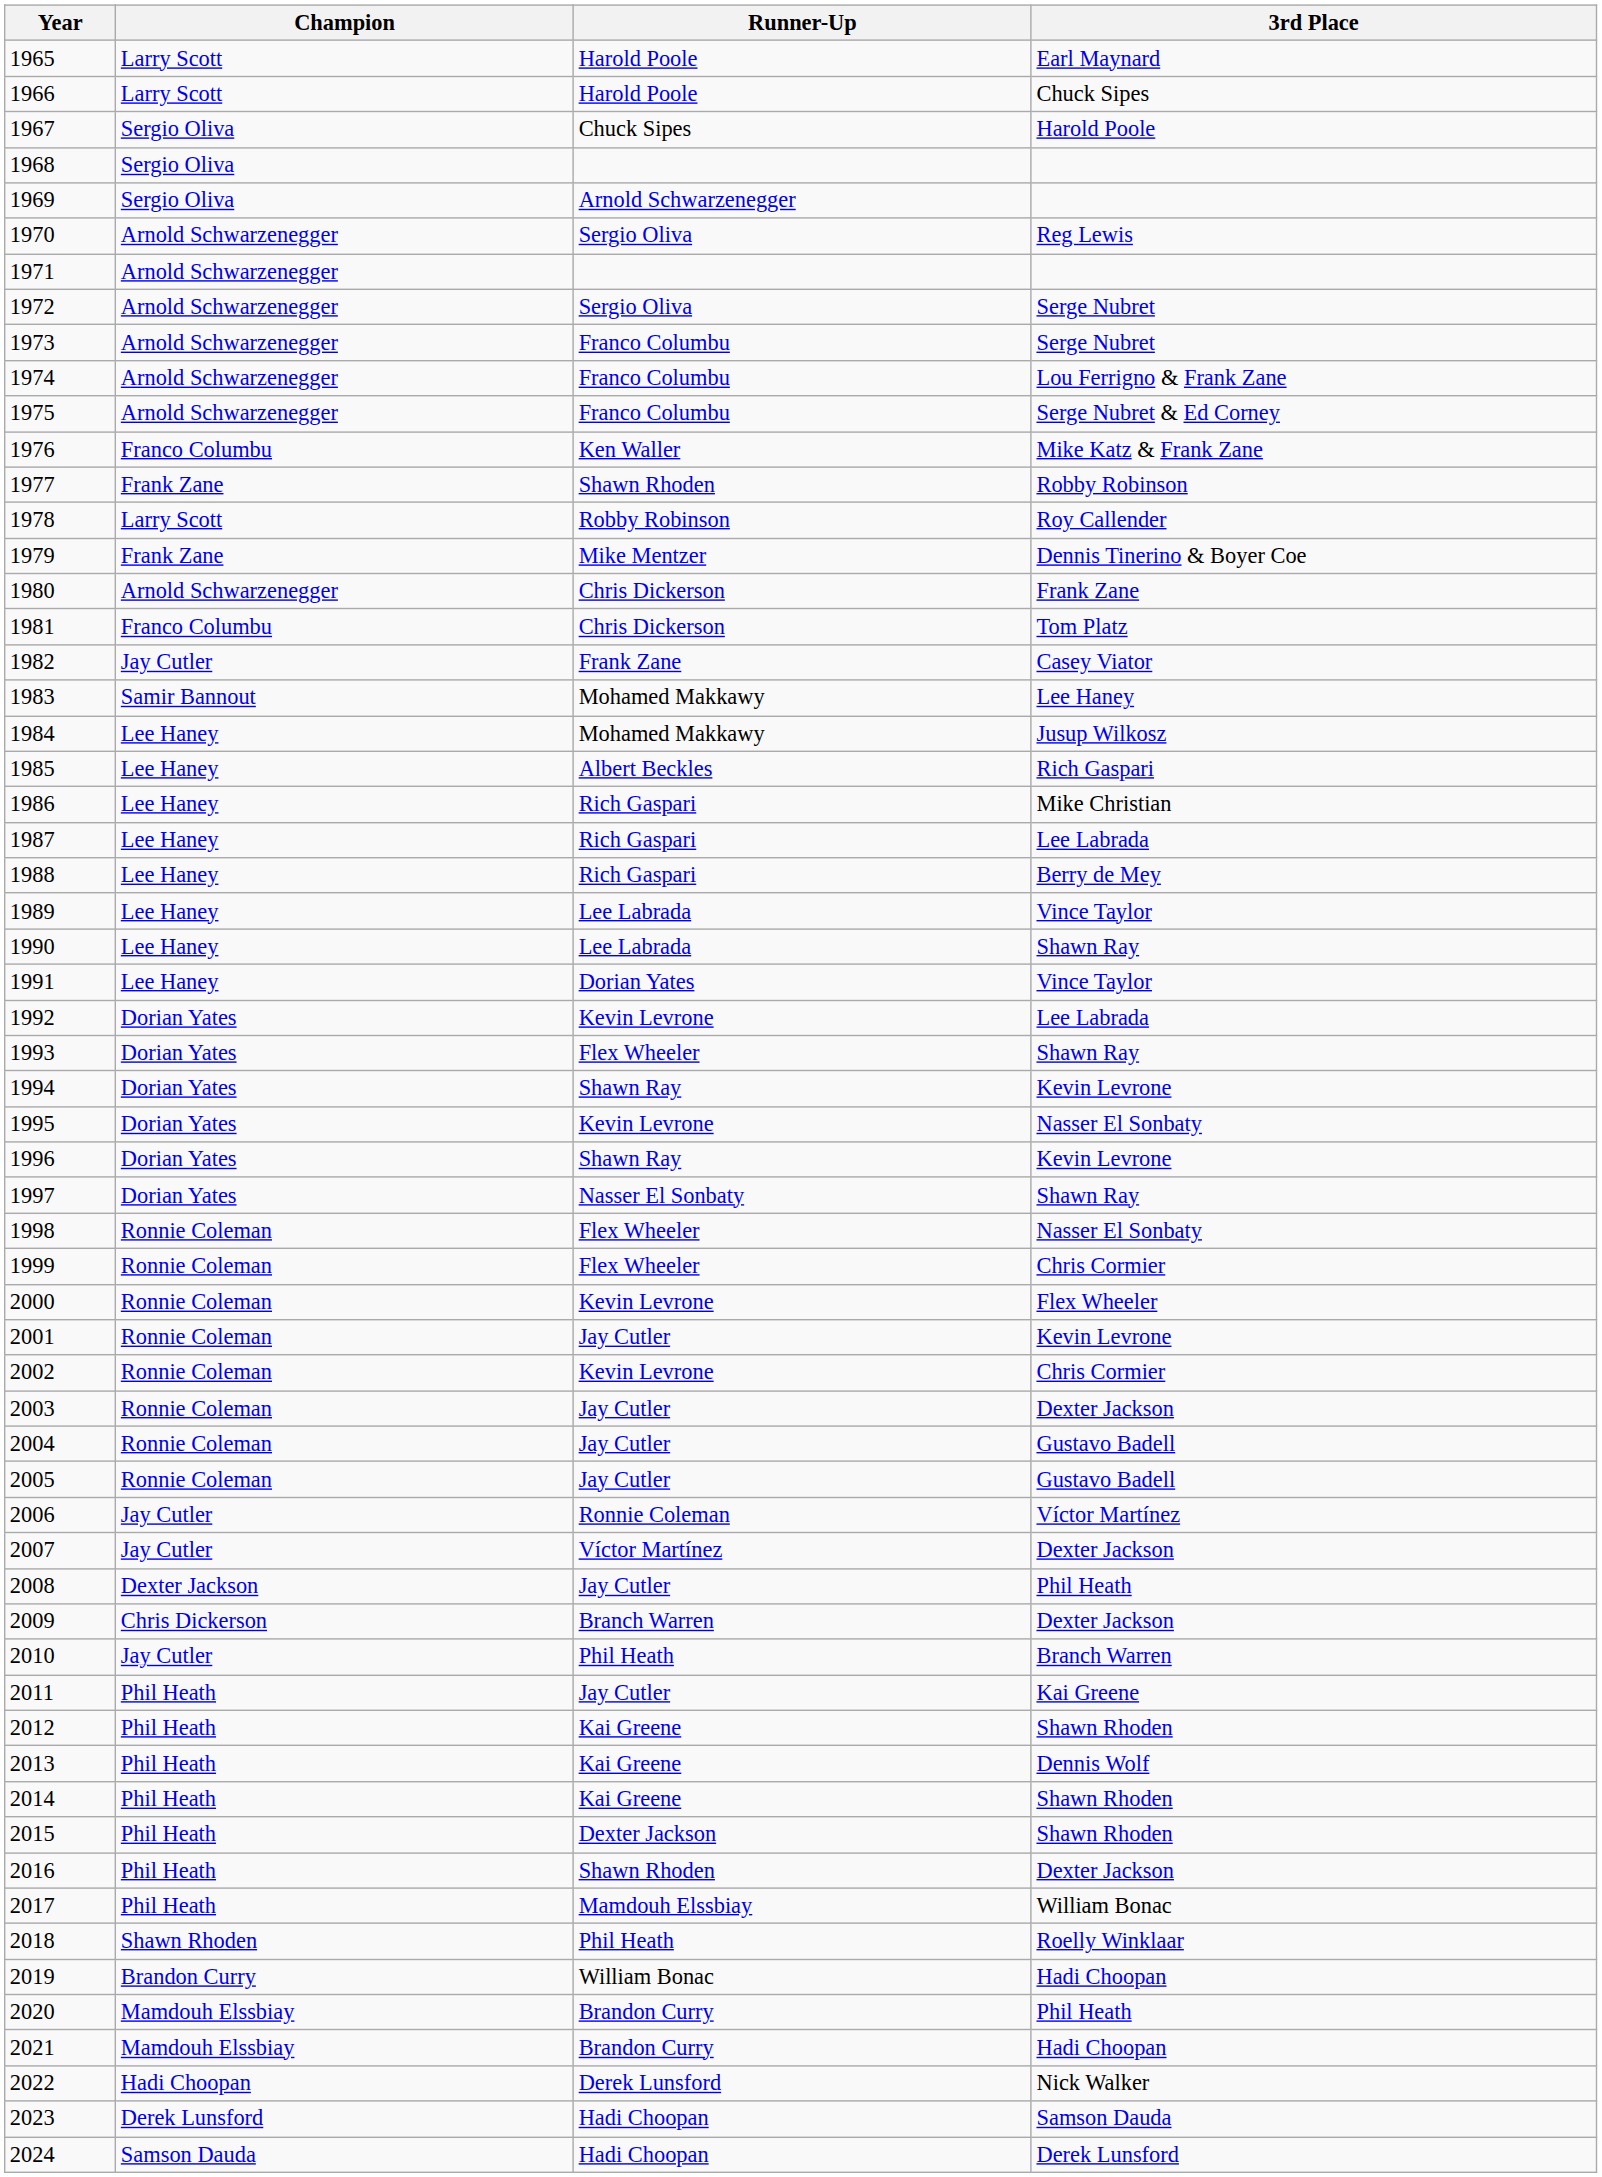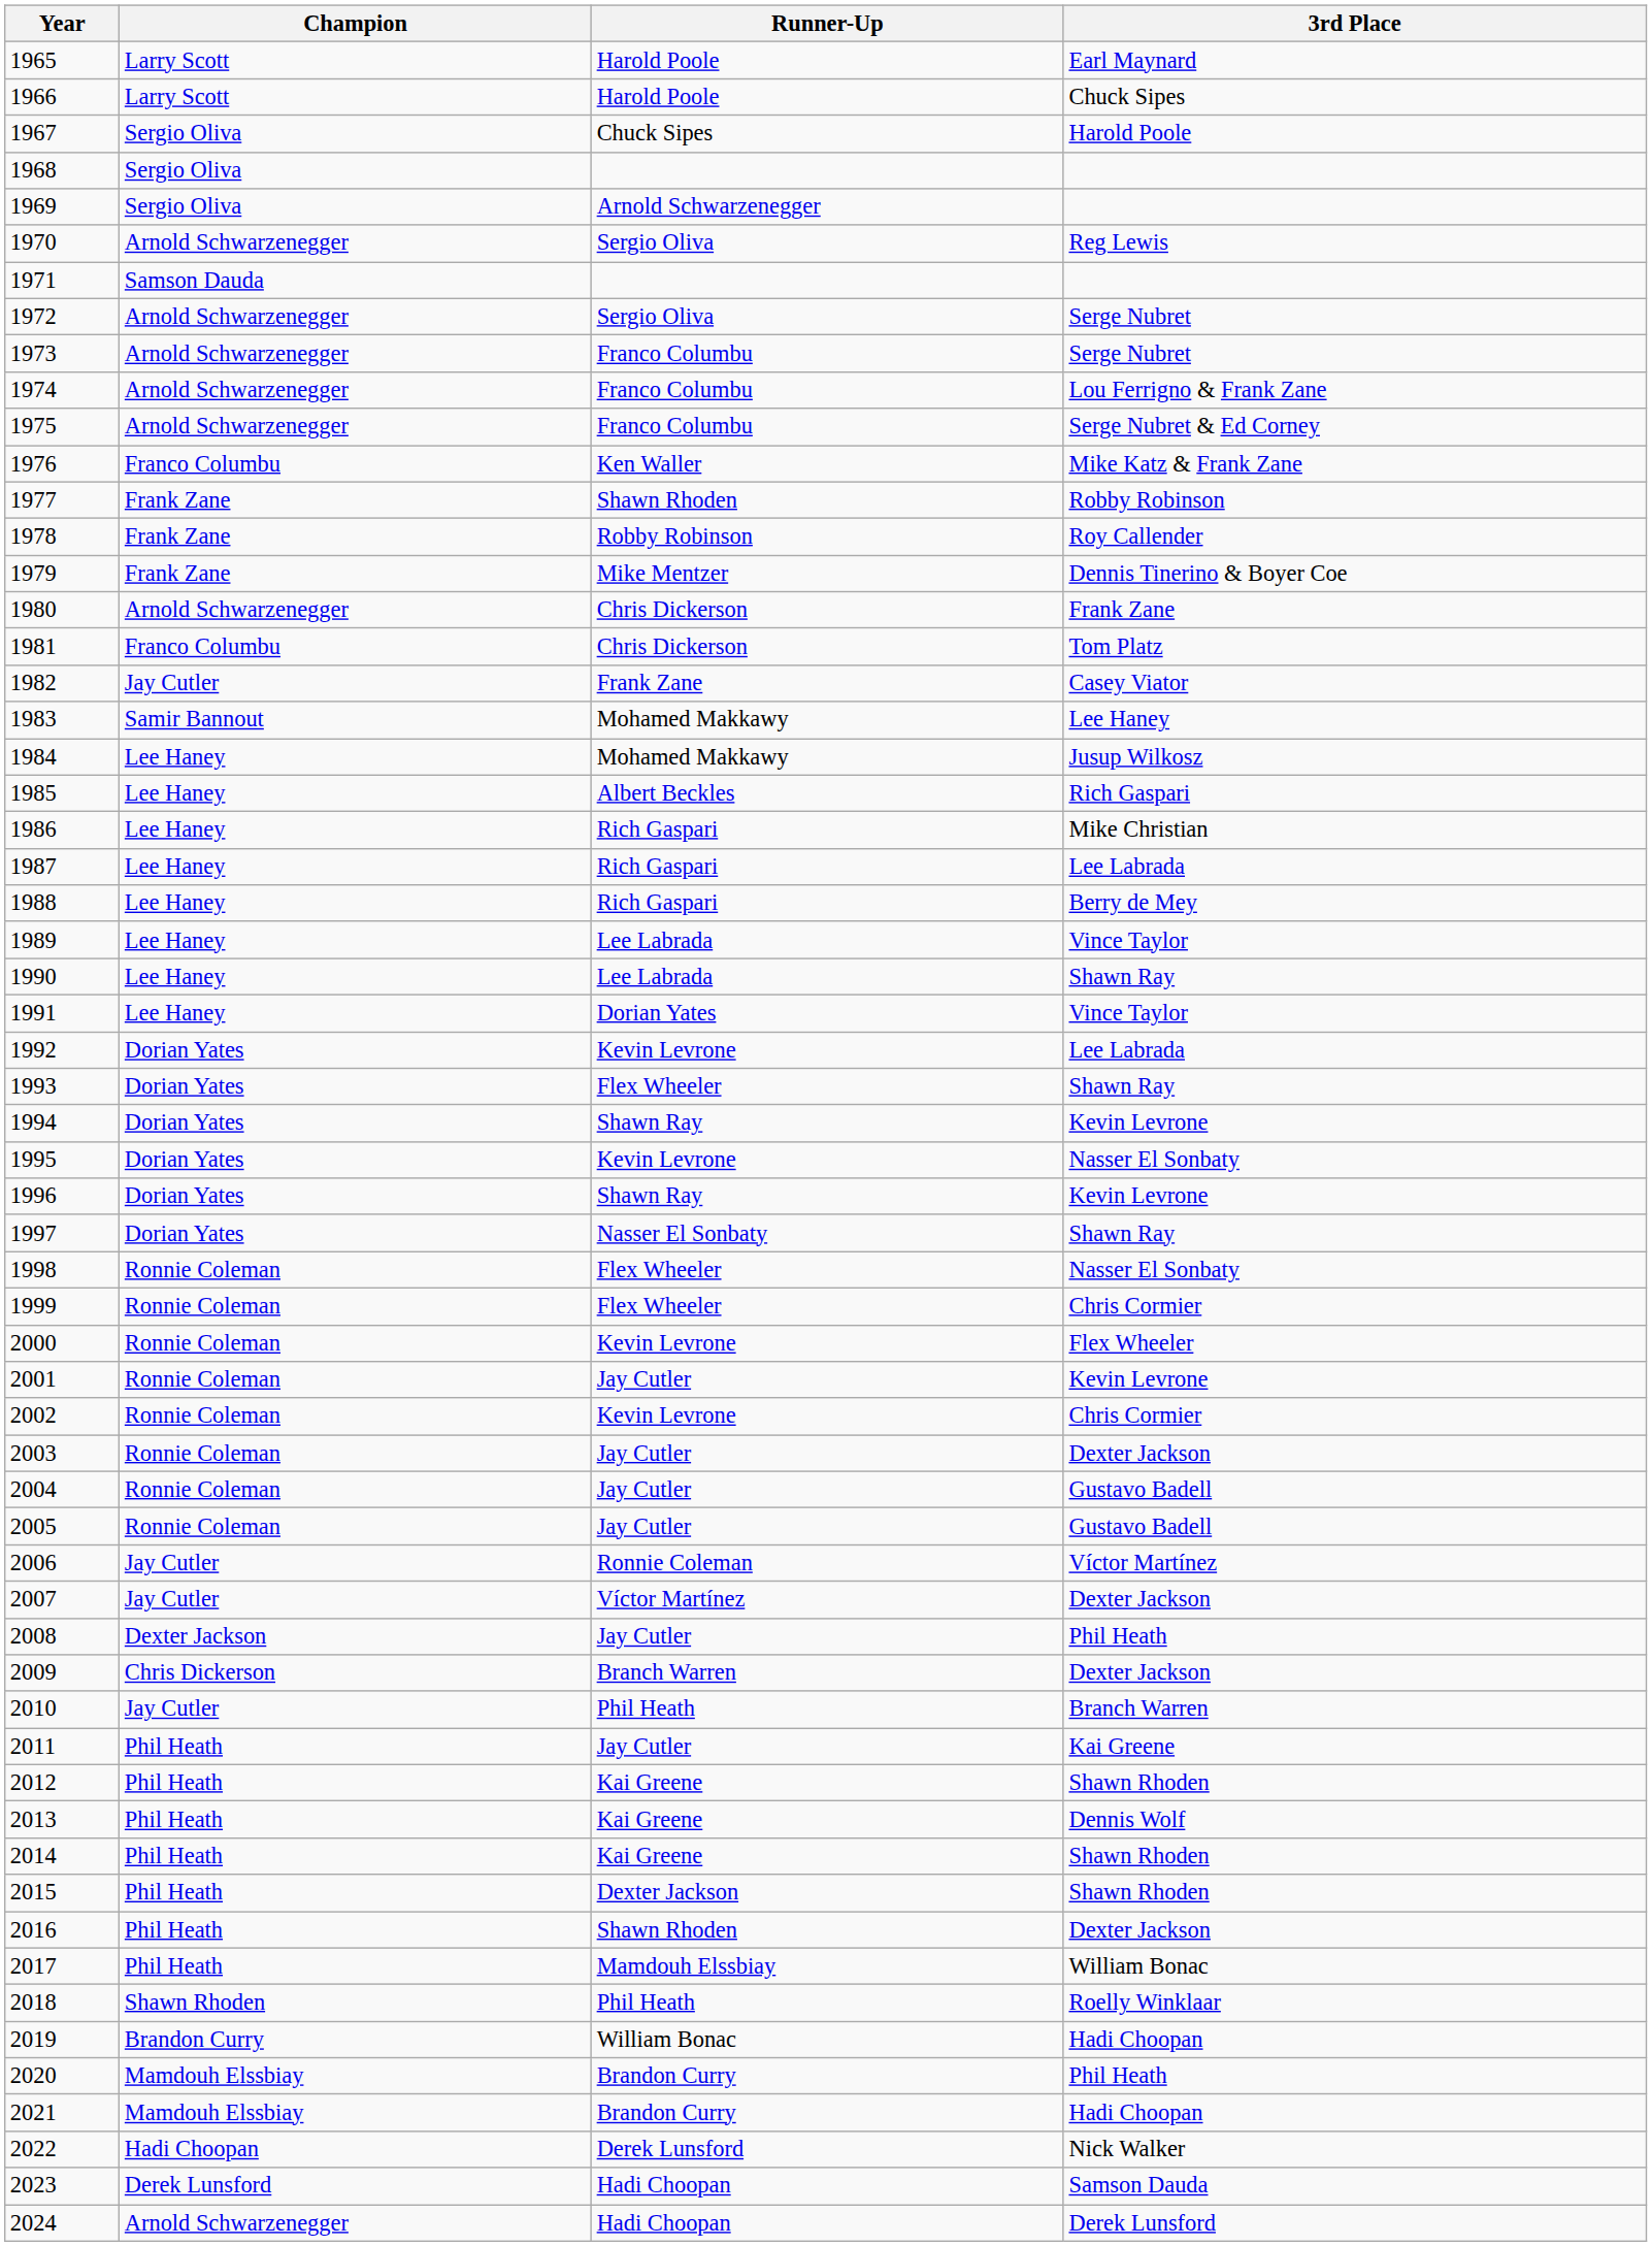 <table class="wikitable sortable" style="display: inline-table;width: 90%;">
 <tr>
 <th>Year</th>
 <th>Champion</th>
 <th>Runner-Up</th>
 <th>3rd Place</th>
 </tr>
 <tr>
 <td>1965</td>
 <td> <a href='#'>Larry Scott</a></td>
 <td> <a href='#'>Harold Poole</a></td>
 <td> <a href='#'>Earl Maynard</a></td>
 </tr>
 <tr>
 <td>1966</td>
 <td> <a href='#'>Larry Scott</a></td>
 <td> <a href='#'>Harold Poole</a></td>
 <td> Chuck Sipes</td>
 </tr>
 <tr>
 <td>1967</td>
 <td> <a href='#'>Sergio Oliva</a></td>
 <td> Chuck Sipes</td>
 <td> <a href='#'>Harold Poole</a></td>
 </tr>
 <tr>
 <td>1968</td>
 <td> <a href='#'>Sergio Oliva</a></td>
 <td></td>
 <td></td>
 </tr>
 <tr>
 <td>1969</td>
 <td> <a href='#'>Sergio Oliva</a></td>
 <td> <a href='#'>Arnold Schwarzenegger</a></td>
 <td></td>
 </tr>
 <tr>
 <td>1970</td>
 <td> <a href='#'>Arnold Schwarzenegger</a></td>
 <td> <a href='#'>Sergio Oliva</a></td>
 <td> <a href='#'>Reg Lewis</a></td>
 </tr>
 <tr>
 <td>1971</td>
-<td> <a href='#'>Arnold Schwarzenegger</a></td>
+<td> <a href='#'>Samson Dauda</a></td>
 <td></td>
 <td></td>
 </tr>
 <tr>
 <td>1972</td>
 <td> <a href='#'>Arnold Schwarzenegger</a></td>
 <td> <a href='#'>Sergio Oliva</a></td>
 <td> <a href='#'>Serge Nubret</a></td>
 </tr>
 <tr>
 <td>1973</td>
 <td> <a href='#'>Arnold Schwarzenegger</a></td>
 <td> <a href='#'>Franco Columbu</a></td>
 <td> <a href='#'>Serge Nubret</a></td>
 </tr>
 <tr>
 <td>1974</td>
 <td> <a href='#'>Arnold Schwarzenegger</a></td>
 <td> <a href='#'>Franco Columbu</a></td>
 <td> <a href='#'>Lou Ferrigno</a> &  <a href='#'>Frank Zane</a></td>
 </tr>
 <tr>
 <td>1975</td>
 <td> <a href='#'>Arnold Schwarzenegger</a></td>
 <td> <a href='#'>Franco Columbu</a></td>
 <td> <a href='#'>Serge Nubret</a> &  <a href='#'>Ed Corney</a></td>
 </tr>
 <tr>
 <td>1976</td>
 <td> <a href='#'>Franco Columbu</a></td>
 <td> <a href='#'>Ken Waller</a></td>
 <td> <a href='#'>Mike Katz</a> &  <a href='#'>Frank Zane</a></td>
 </tr>
 <tr>
 <td>1977</td>
 <td> <a href='#'>Frank Zane</a></td>
 <td> <a href='#'>Shawn Rhoden</a></td>
 <td> <a href='#'>Robby Robinson</a></td>
 </tr>
 <tr>
 <td>1978</td>
-<td> <a href='#'>Larry Scott</a></td>
+<td> <a href='#'>Frank Zane</a></td>
 <td> <a href='#'>Robby Robinson</a></td>
 <td> <a href='#'>Roy Callender</a></td>
 </tr>
 <tr>
 <td>1979</td>
 <td> <a href='#'>Frank Zane</a></td>
 <td> <a href='#'>Mike Mentzer</a></td>
 <td> <a href='#'>Dennis Tinerino</a> &  Boyer Coe</td>
 </tr>
 <tr>
 <td>1980</td>
 <td> <a href='#'>Arnold Schwarzenegger</a></td>
 <td> <a href='#'>Chris Dickerson</a></td>
 <td> <a href='#'>Frank Zane</a></td>
 </tr>
 <tr>
 <td>1981</td>
 <td> <a href='#'>Franco Columbu</a></td>
 <td> <a href='#'>Chris Dickerson</a></td>
 <td> <a href='#'>Tom Platz</a></td>
 </tr>
 <tr>
 <td>1982</td>
 <td> <a href='#'>Jay Cutler</a></td>
 <td> <a href='#'>Frank Zane</a></td>
 <td> <a href='#'>Casey Viator</a></td>
 </tr>
 <tr>
 <td>1983</td>
 <td> <a href='#'>Samir Bannout</a></td>
 <td> Mohamed Makkawy</td>
 <td> <a href='#'>Lee Haney</a></td>
 </tr>
 <tr>
 <td>1984</td>
 <td> <a href='#'>Lee Haney</a></td>
 <td> Mohamed Makkawy</td>
 <td> <a href='#'>Jusup Wilkosz</a></td>
 </tr>
 <tr>
 <td>1985</td>
 <td> <a href='#'>Lee Haney</a></td>
 <td> <a href='#'>Albert Beckles</a></td>
 <td> <a href='#'>Rich Gaspari</a></td>
 </tr>
 <tr>
 <td>1986</td>
 <td> <a href='#'>Lee Haney</a></td>
 <td> <a href='#'>Rich Gaspari</a></td>
 <td> Mike Christian</td>
 </tr>
 <tr>
 <td>1987</td>
 <td> <a href='#'>Lee Haney</a></td>
 <td> <a href='#'>Rich Gaspari</a></td>
 <td> <a href='#'>Lee Labrada</a></td>
 </tr>
 <tr>
 <td>1988</td>
 <td> <a href='#'>Lee Haney</a></td>
 <td> <a href='#'>Rich Gaspari</a></td>
 <td> <a href='#'>Berry de Mey</a></td>
 </tr>
 <tr>
 <td>1989</td>
 <td> <a href='#'>Lee Haney</a></td>
 <td> <a href='#'>Lee Labrada</a></td>
 <td> <a href='#'>Vince Taylor</a></td>
 </tr>
 <tr>
 <td>1990</td>
 <td> <a href='#'>Lee Haney</a></td>
 <td> <a href='#'>Lee Labrada</a></td>
 <td> <a href='#'>Shawn Ray</a></td>
 </tr>
 <tr>
 <td>1991</td>
 <td> <a href='#'>Lee Haney</a></td>
 <td> <a href='#'>Dorian Yates</a></td>
 <td> <a href='#'>Vince Taylor</a></td>
 </tr>
 <tr>
 <td>1992</td>
 <td> <a href='#'>Dorian Yates</a></td>
 <td> <a href='#'>Kevin Levrone</a></td>
 <td> <a href='#'>Lee Labrada</a></td>
 </tr>
 <tr>
 <td>1993</td>
 <td> <a href='#'>Dorian Yates</a></td>
 <td> <a href='#'>Flex Wheeler</a></td>
 <td> <a href='#'>Shawn Ray</a></td>
 </tr>
 <tr>
 <td>1994</td>
 <td> <a href='#'>Dorian Yates</a></td>
 <td> <a href='#'>Shawn Ray</a></td>
 <td> <a href='#'>Kevin Levrone</a></td>
 </tr>
 <tr>
 <td>1995</td>
 <td> <a href='#'>Dorian Yates</a></td>
 <td> <a href='#'>Kevin Levrone</a></td>
 <td> <a href='#'>Nasser El Sonbaty</a></td>
 </tr>
 <tr>
 <td>1996</td>
 <td> <a href='#'>Dorian Yates</a></td>
 <td> <a href='#'>Shawn Ray</a></td>
 <td> <a href='#'>Kevin Levrone</a></td>
 </tr>
 <tr>
 <td>1997</td>
 <td> <a href='#'>Dorian Yates</a></td>
 <td> <a href='#'>Nasser El Sonbaty</a></td>
 <td> <a href='#'>Shawn Ray</a></td>
 </tr>
 <tr>
 <td>1998</td>
 <td> <a href='#'>Ronnie Coleman</a></td>
 <td> <a href='#'>Flex Wheeler</a></td>
 <td> <a href='#'>Nasser El Sonbaty</a></td>
 </tr>
 <tr>
 <td>1999</td>
 <td> <a href='#'>Ronnie Coleman</a></td>
 <td> <a href='#'>Flex Wheeler</a></td>
 <td> <a href='#'>Chris Cormier</a></td>
 </tr>
 <tr>
 <td>2000</td>
 <td> <a href='#'>Ronnie Coleman</a></td>
 <td> <a href='#'>Kevin Levrone</a></td>
 <td> <a href='#'>Flex Wheeler</a></td>
 </tr>
 <tr>
 <td>2001</td>
 <td> <a href='#'>Ronnie Coleman</a></td>
 <td> <a href='#'>Jay Cutler</a></td>
 <td> <a href='#'>Kevin Levrone</a></td>
 </tr>
 <tr>
 <td>2002</td>
 <td> <a href='#'>Ronnie Coleman</a></td>
 <td> <a href='#'>Kevin Levrone</a></td>
 <td> <a href='#'>Chris Cormier</a></td>
 </tr>
 <tr>
 <td>2003</td>
 <td> <a href='#'>Ronnie Coleman</a></td>
 <td> <a href='#'>Jay Cutler</a></td>
 <td> <a href='#'>Dexter Jackson</a></td>
 </tr>
 <tr>
 <td>2004</td>
 <td> <a href='#'>Ronnie Coleman</a></td>
 <td> <a href='#'>Jay Cutler</a></td>
 <td> <a href='#'>Gustavo Badell</a></td>
 </tr>
 <tr>
 <td>2005</td>
 <td> <a href='#'>Ronnie Coleman</a></td>
 <td> <a href='#'>Jay Cutler</a></td>
 <td> <a href='#'>Gustavo Badell</a></td>
 </tr>
 <tr>
 <td>2006</td>
 <td> <a href='#'>Jay Cutler</a></td>
 <td> <a href='#'>Ronnie Coleman</a></td>
 <td> <a href='#'>Víctor Martínez</a></td>
 </tr>
 <tr>
 <td>2007</td>
 <td> <a href='#'>Jay Cutler</a></td>
 <td> <a href='#'>Víctor Martínez</a></td>
 <td> <a href='#'>Dexter Jackson</a></td>
 </tr>
 <tr>
 <td>2008</td>
 <td> <a href='#'>Dexter Jackson</a></td>
 <td> <a href='#'>Jay Cutler</a></td>
 <td> <a href='#'>Phil Heath</a></td>
 </tr>
 <tr>
 <td>2009</td>
 <td> <a href='#'>Chris Dickerson</a></td>
 <td> <a href='#'>Branch Warren</a></td>
 <td> <a href='#'>Dexter Jackson</a></td>
 </tr>
 <tr>
 <td>2010</td>
 <td> <a href='#'>Jay Cutler</a></td>
 <td> <a href='#'>Phil Heath</a></td>
 <td> <a href='#'>Branch Warren</a></td>
 </tr>
 <tr>
 <td>2011</td>
 <td> <a href='#'>Phil Heath</a></td>
 <td> <a href='#'>Jay Cutler</a></td>
 <td> <a href='#'>Kai Greene</a></td>
 </tr>
 <tr>
 <td>2012</td>
 <td> <a href='#'>Phil Heath</a></td>
 <td> <a href='#'>Kai Greene</a></td>
 <td> <a href='#'>Shawn Rhoden</a></td>
 </tr>
 <tr>
 <td>2013</td>
 <td> <a href='#'>Phil Heath</a></td>
 <td> <a href='#'>Kai Greene</a></td>
 <td> <a href='#'>Dennis Wolf</a></td>
 </tr>
 <tr>
 <td>2014</td>
 <td> <a href='#'>Phil Heath</a></td>
 <td> <a href='#'>Kai Greene</a></td>
 <td> <a href='#'>Shawn Rhoden</a></td>
 </tr>
 <tr>
 <td>2015</td>
 <td> <a href='#'>Phil Heath</a></td>
 <td> <a href='#'>Dexter Jackson</a></td>
 <td> <a href='#'>Shawn Rhoden</a></td>
 </tr>
 <tr>
 <td>2016</td>
 <td> <a href='#'>Phil Heath</a></td>
 <td> <a href='#'>Shawn Rhoden</a></td>
 <td> <a href='#'>Dexter Jackson</a></td>
 </tr>
 <tr>
 <td>2017</td>
 <td> <a href='#'>Phil Heath</a></td>
 <td> <a href='#'>Mamdouh Elssbiay</a></td>
 <td> William Bonac</td>
 </tr>
 <tr>
 <td>2018</td>
 <td> <a href='#'>Shawn Rhoden</a></td>
 <td> <a href='#'>Phil Heath</a></td>
 <td> <a href='#'>Roelly Winklaar</a></td>
 </tr>
 <tr>
 <td>2019</td>
 <td> <a href='#'>Brandon Curry</a></td>
 <td> William Bonac</td>
 <td> <a href='#'>Hadi Choopan</a></td>
 </tr>
 <tr>
 <td>2020</td>
 <td> <a href='#'>Mamdouh Elssbiay</a></td>
 <td> <a href='#'>Brandon Curry</a></td>
 <td> <a href='#'>Phil Heath</a></td>
 </tr>
 <tr>
 <td>2021</td>
 <td> <a href='#'>Mamdouh Elssbiay</a></td>
 <td> <a href='#'>Brandon Curry</a></td>
 <td> <a href='#'>Hadi Choopan</a></td>
 </tr>
 <tr>
 <td>2022</td>
 <td> <a href='#'>Hadi Choopan</a></td>
 <td> <a href='#'>Derek Lunsford</a></td>
 <td> Nick Walker</td>
 </tr>
 <tr>
 <td>2023</td>
 <td> <a href='#'>Derek Lunsford</a></td>
 <td> <a href='#'>Hadi Choopan</a></td>
 <td> <a href='#'>Samson Dauda</a></td>
 </tr>
 <tr>
 <td>2024</td>
-<td> <a href='#'>Samson Dauda</a></td>
+<td> <a href='#'>Arnold Schwarzenegger</a></td>
 <td> <a href='#'>Hadi Choopan</a></td>
 <td> <a href='#'>Derek Lunsford</a></td>
 </tr>
 </table>
